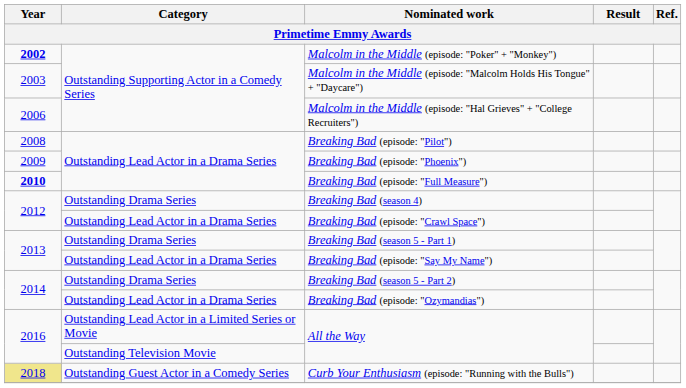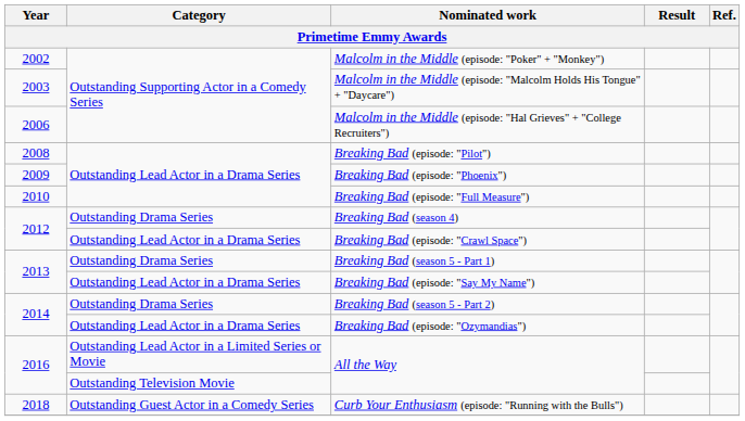 <table class=wikitable>
 <tr>
 <th scope="col" style="width:5em;">Year</th>
 <th scope="col" style="width:25em;">Category</th>
 <th scope="col" style="width:30em;">Nominated work</th>
 <th scope="col" style="width:5em;">Result</th>
 <th>Ref.</th>
 </tr>
 <tr>
 <th colspan=5><a href='#'>Primetime Emmy Awards</a></th>
 </tr>
 <tr>
-<td style="text-align:center;"><strong><a href='#'>2002</a></strong></td>
+<td style="text-align:center;"><a href='#'>2002</a></td>
 <td rowspan="3"><a href='#'>Outstanding Supporting Actor in a Comedy Series</a></td>
 <td><em><a href='#'>Malcolm in the Middle</a></em> <small> (episode: "Poker" + "Monkey") </small></td>
 <td></td>
 <td style="text-align:center;"></td>
 </tr>
 <tr>
 <td style="text-align:center;"><a href='#'>2003</a></td>
 <td><em><a href='#'>Malcolm in the Middle</a></em> <small> (episode: "Malcolm Holds His Tongue" + "Daycare") </small></td>
 <td></td>
 <td style="text-align:center;"></td>
 </tr>
 <tr>
 <td style="text-align:center;"><a href='#'>2006</a></td>
 <td><em><a href='#'>Malcolm in the Middle</a></em> <small> (episode: "Hal Grieves" + "College Recruiters") </small></td>
 <td></td>
 <td style="text-align:center;"></td>
 </tr>
 <tr>
 <td style="text-align:center;"><a href='#'>2008</a></td>
 <td rowspan="3"><a href='#'>Outstanding Lead Actor in a Drama Series</a></td>
 <td><em><a href='#'>Breaking Bad</a></em> <small> (episode: "<a href='#'>Pilot</a>") </small></td>
 <td></td>
 <td style="text-align:center;"></td>
 </tr>
 <tr>
 <td style="text-align:center;"><a href='#'>2009</a></td>
 <td><em><a href='#'>Breaking Bad</a></em> <small> (episode: "<a href='#'>Phoenix</a>") </small></td>
 <td></td>
 <td style="text-align:center;"></td>
 </tr>
 <tr>
-<td style="text-align:center;"><strong><a href='#'>2010</a></strong></td>
+<td style="text-align:center;"><a href='#'>2010</a></td>
 <td><em><a href='#'>Breaking Bad</a></em> <small> (episode: "<a href='#'>Full Measure</a>") </small></td>
 <td></td>
 <td style="text-align:center;"></td>
 </tr>
 <tr>
 <td style="text-align:center;", rowspan="2"><a href='#'>2012</a></td>
 <td><a href='#'>Outstanding Drama Series</a></td>
 <td><em><a href='#'>Breaking Bad</a></em> <small> (<a href='#'>season 4</a>) </small></td>
 <td></td>
 <td rowspan=2, style="text-align:center;"></td>
 </tr>
 <tr>
 <td><a href='#'>Outstanding Lead Actor in a Drama Series</a></td>
 <td><em><a href='#'>Breaking Bad</a></em> <small> (episode: "<a href='#'>Crawl Space</a>") </small></td>
 <td></td>
 </tr>
 <tr>
 <td style="text-align:center;", rowspan="2"><a href='#'>2013</a></td>
 <td><a href='#'>Outstanding Drama Series</a></td>
 <td><em><a href='#'>Breaking Bad</a></em> <small> (<a href='#'>season 5 - Part 1</a>) </small></td>
 <td></td>
 <td rowspan=2, style="text-align:center;"></td>
 </tr>
 <tr>
 <td><a href='#'>Outstanding Lead Actor in a Drama Series</a></td>
 <td><em><a href='#'>Breaking Bad</a></em> <small> (episode: "<a href='#'>Say My Name</a>") </small></td>
 <td></td>
 </tr>
 <tr>
 <td style="text-align:center;", rowspan=2><a href='#'>2014</a></td>
 <td><a href='#'>Outstanding Drama Series</a></td>
 <td><em><a href='#'>Breaking Bad</a></em> <small> (<a href='#'>season 5 - Part 2</a>) </small></td>
 <td></td>
 <td rowspan=2, style="text-align:center;"></td>
 </tr>
 <tr>
 <td><a href='#'>Outstanding Lead Actor in a Drama Series</a></td>
 <td><em><a href='#'>Breaking Bad</a></em> <small> (episode: "<a href='#'>Ozymandias</a>") </small></td>
 <td></td>
 </tr>
 <tr>
 <td style="text-align:center;", rowspan=2><a href='#'>2016</a></td>
 <td><a href='#'>Outstanding Lead Actor in a Limited Series or Movie</a></td>
 <td rowspan="2"><em><a href='#'>All the Way</a></em></td>
 <td></td>
 <td rowspan=2, style="text-align:center;"></td>
 </tr>
 <tr>
 <td><a href='#'>Outstanding Television Movie</a></td>
 <td></td>
 </tr>
 <tr>
-<td style="background: khaki; text-align:center;"><a href='#'>2018</a></td>
+<td style="text-align:center;"><a href='#'>2018</a></td>
 <td><a href='#'>Outstanding Guest Actor in a Comedy Series</a></td>
 <td><em><a href='#'>Curb Your Enthusiasm</a></em> <small> (episode: "Running with the Bulls") </small></td>
 <td></td>
 <td style="text-align:center;"></td>
 </tr>
 <tr>
 </tr>
 </table>
